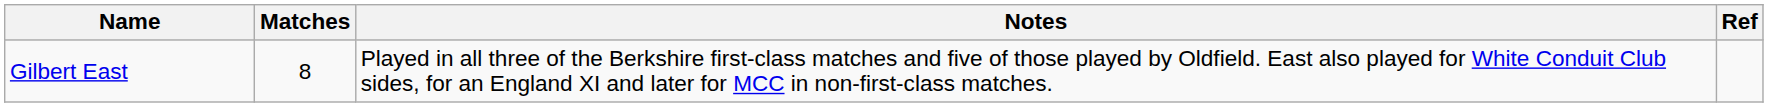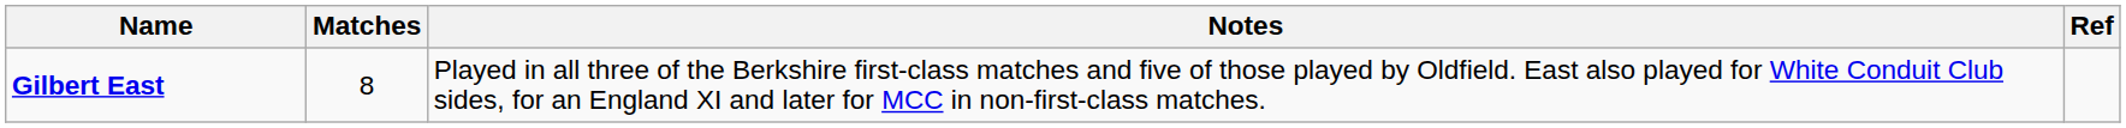 <table class="wikitable">
 <tr>
 <th style="width:170px">Name</th>
 <th>Matches</th>
 <th>Notes</th>
 <th>Ref</th>
 </tr>
 <tr>
-<td><a href='#'>Gilbert East</a></td>
+<td><strong><a href='#'>Gilbert East</a></strong></td>
 <td align=center>8</td>
 <td>Played in all three of the Berkshire first-class matches and five of those played by Oldfield. East also played for <a href='#'>White Conduit Club</a> sides, for an England XI and later for <a href='#'>MCC</a> in non-first-class matches.</td>
 <td></td>
 </tr>
 </table>
